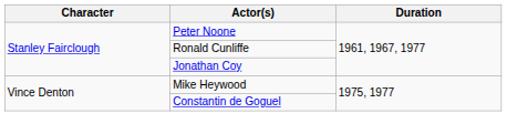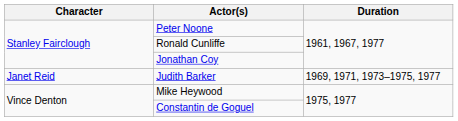 <table class="wikitable">
 <tr>
 <th scope="col" style="width:230px;">Character</th>
 <th scope="col" style="width:230px;">Actor(s)</th>
 <th scope="col" style="width:230px;">Duration</th>
 </tr>
 <tr>
 <td rowspan="3"><a href='#'>Stanley Fairclough</a></td>
 <td><a href='#'>Peter Noone</a></td>
 <td rowspan="3">1961, 1967, 1977</td>
 </tr>
 <tr>
 <td>Ronald Cunliffe</td>
 </tr>
 <tr>
 <td><a href='#'>Jonathan Coy</a></td>
 </tr>
 <tr>
+<td><a href='#'>Janet Reid</a></td>
+<td><a href='#'>Judith Barker</a></td>
+<td>1969, 1971, 1973–1975, 1977</td>
+</tr>
+<tr>
 <td rowspan="2">Vince Denton</td>
 <td>Mike Heywood</td>
 <td rowspan="2">1975, 1977</td>
 </tr>
 <tr>
 <td><a href='#'>Constantin de Goguel</a></td>
 </tr>
 </table>
